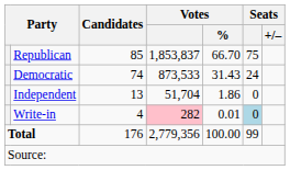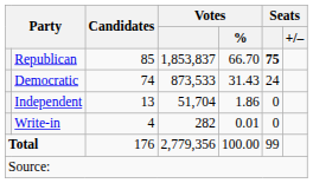 <table class="wikitable">
 <tr>
 <th rowspan="2" colspan="2">Party</th>
 <th rowspan="2">Candidates</th>
 <th colspan="2">Votes</th>
 <th colspan="4">Seats</th>
 </tr>
 <tr>
 <th></th>
 <th>%</th>
 <th></th>
 <th>+/–</th>
 </tr>
 <tr>
 <th style="background-color:"></th>
 <td><a href='#'>Republican</a></td>
 <td align="right">85</td>
 <td align="right">1,853,837</td>
 <td align="right">66.70</td>
-<td align="right">75</td>
+<td align="right"><strong>75</strong></td>
 <td align="center"></td>
 </tr>
 <tr>
 <th style="background-color:"></th>
 <td><a href='#'>Democratic</a></td>
 <td align="right">74</td>
 <td align="right">873,533</td>
 <td align="right">31.43</td>
 <td align="right">24</td>
 <td align="center"></td>
 </tr>
 <tr>
 <th style="background-color:"></th>
 <td><a href='#'>Independent</a></td>
 <td align="right">13</td>
 <td align="right">51,704</td>
 <td align="right">1.86</td>
 <td align="right">0</td>
 <td align="center"></td>
 </tr>
 <tr>
 <th style="background-color:"></th>
 <td align="left"><a href='#'>Write-in</a></td>
 <td align="right">4</td>
-<td align="right" style="background: pink;">282</td>
+<td align="right">282</td>
 <td align="right">0.01</td>
-<td align="right" style="background: lightblue;">0</td>
+<td align="right">0</td>
 <td align="center"></td>
 </tr>
 <tr>
 <td colspan="2" align="left"><strong>Total</strong></td>
 <td align="right">176</td>
 <td align="center">2,779,356</td>
 <td align="right">100.00</td>
 <td align="right">99</td>
 <td align="center"></td>
 </tr>
 <tr>
 <td colspan="10">Source: </td>
 </tr>
 </table>
